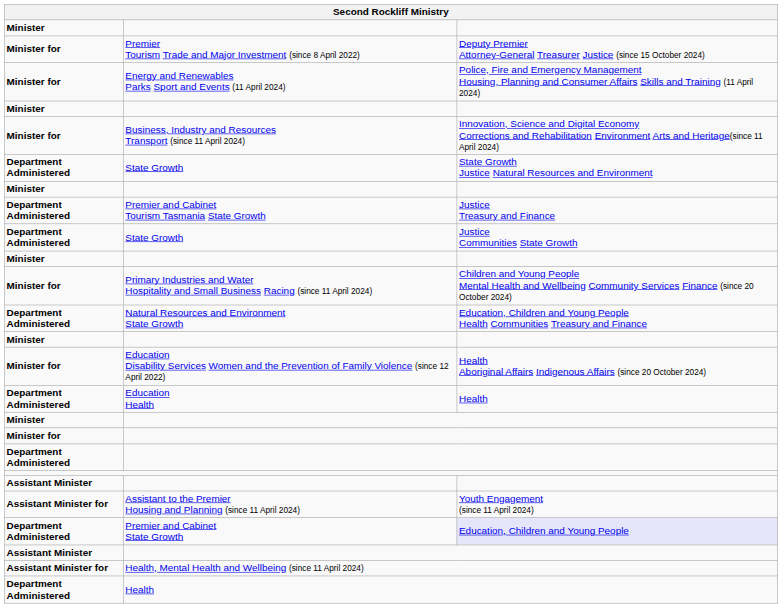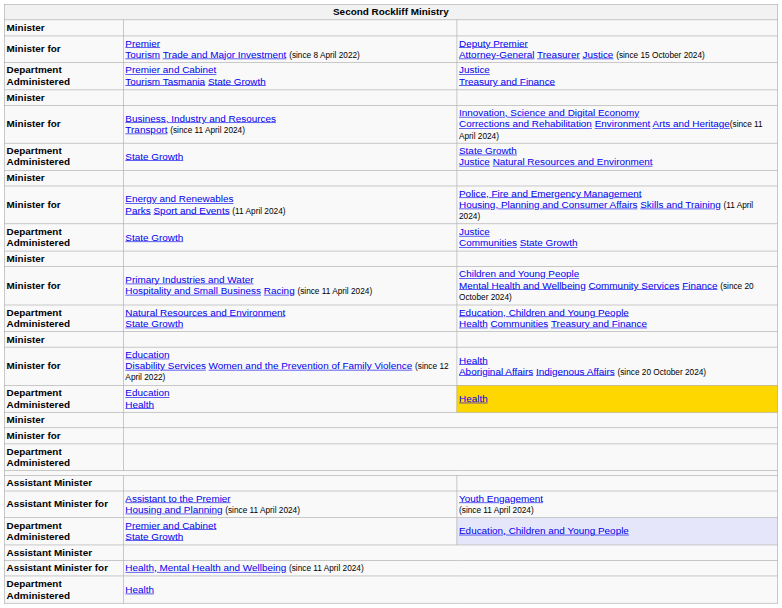 <table class="wikitable">
 <tr>
 <th colspan="3">Second Rockliff Ministry</th>
 </tr>
 <tr>
 <td><strong>Minister</strong></td>
 <td></td>
 <td></td>
 </tr>
 <tr>
 <td><strong>Minister for</strong></td>
 <td><a href='#'>Premier</a><br><a href='#'>Tourism</a>  <a href='#'>Trade and Major Investment</a> <small>(since 8 April 2022)</small></td>
 <td><a href='#'>Deputy Premier</a><br><a href='#'>Attorney-General</a> <a href='#'>Treasurer</a> <a href='#'>Justice</a> <small>(since 15 October 2024)</small></td>
 </tr>
 <tr>
-<td><strong>Minister for</strong></td>
-<td><a href='#'>Energy and Renewables</a><br><a href='#'>Parks</a> <a href='#'>Sport and Events</a> <small>(11 April 2024)</small></td>
-<td><a href='#'>Police, Fire and Emergency Management</a><br><a href='#'>Housing, Planning and Consumer Affairs</a> <a href='#'>Skills and Training</a> <small>(11 April 2024)</small></td>
+<td><strong>Department</strong><br><strong>Administered</strong></td>
+<td><a href='#'>Premier and Cabinet</a><br><a href='#'>Tourism Tasmania</a> <a href='#'>State Growth</a></td>
+<td><a href='#'>Justice</a><br><a href='#'>Treasury and Finance</a></td>
 </tr>
 <tr>
 <td><strong>Minister</strong></td>
 <td></td>
 <td></td>
 </tr>
 <tr>
 <td><strong>Minister for</strong></td>
 <td><a href='#'>Business, Industry and Resources</a><br><a href='#'>Transport</a>            <small>(since 11 April 2024)</small></td>
 <td><a href='#'>Innovation, Science and Digital Economy</a><br><a href='#'>Corrections and Rehabilitation</a> <a href='#'>Environment</a> <a href='#'>Arts and Heritage</a><small>(since 11 April 2024)</small></td>
 </tr>
 <tr>
 <td><strong>Department</strong><br><strong>Administered</strong></td>
 <td><a href='#'>State Growth</a></td>
 <td><a href='#'>State Growth</a><br><a href='#'>Justice</a> <a href='#'>Natural Resources and Environment</a></td>
 </tr>
 <tr>
 <td><strong>Minister</strong></td>
 <td></td>
 <td></td>
 </tr>
 <tr>
-<td><strong>Department</strong><br><strong>Administered</strong></td>
-<td><a href='#'>Premier and Cabinet</a><br><a href='#'>Tourism Tasmania</a> <a href='#'>State Growth</a></td>
-<td><a href='#'>Justice</a><br><a href='#'>Treasury and Finance</a></td>
+<td><strong>Minister for</strong></td>
+<td><a href='#'>Energy and Renewables</a><br><a href='#'>Parks</a> <a href='#'>Sport and Events</a> <small>(11 April 2024)</small></td>
+<td><a href='#'>Police, Fire and Emergency Management</a><br><a href='#'>Housing, Planning and Consumer Affairs</a> <a href='#'>Skills and Training</a> <small>(11 April 2024)</small></td>
 </tr>
 <tr>
 <td><strong>Department</strong><br><strong>Administered</strong></td>
 <td><a href='#'>State Growth</a></td>
 <td><a href='#'>Justice</a><br><a href='#'>Communities</a> <a href='#'>State Growth</a></td>
 </tr>
 <tr>
 <td><strong>Minister</strong></td>
 <td></td>
 <td></td>
 </tr>
 <tr>
 <td><strong>Minister for</strong></td>
 <td><a href='#'>Primary Industries and Water</a><br><a href='#'>Hospitality and Small Business</a> <a href='#'>Racing</a>       <small>(since 11 April 2024)</small></td>
 <td><a href='#'>Children and Young People</a><br><a href='#'>Mental Health and Wellbeing</a> <a href='#'>Community Services</a> <a href='#'>Finance</a>  <small>(since 20 October 2024)</small></td>
 </tr>
 <tr>
 <td><strong>Department</strong><br><strong>Administered</strong></td>
 <td><a href='#'>Natural Resources and Environment</a><br><a href='#'>State Growth</a></td>
 <td><a href='#'>Education, Children and Young People</a><br><a href='#'>Health</a> <a href='#'>Communities</a> <a href='#'>Treasury and Finance</a></td>
 </tr>
 <tr>
 <td><strong>Minister</strong></td>
 <td></td>
 <td></td>
 </tr>
 <tr>
 <td><strong>Minister for</strong></td>
 <td><a href='#'>Education</a><br><a href='#'>Disability Services</a> <a href='#'>Women and the Prevention of Family Violence</a> <small>(since 12 April 2022)</small></td>
 <td><a href='#'>Health</a><br><a href='#'>Aboriginal Affairs</a> <a href='#'>Indigenous Affairs</a> <small>(since 20 October 2024)</small></td>
 </tr>
 <tr>
 <td><strong>Department</strong><br><strong>Administered</strong></td>
 <td><a href='#'>Education</a><br><a href='#'>Health</a></td>
-<td><a href='#'>Health</a></td>
+<td style="background: gold;"><a href='#'>Health</a></td>
 </tr>
 <tr>
 <td><strong>Minister</strong></td>
 <td colspan="2"></td>
 </tr>
 <tr>
 <td><strong>Minister for</strong></td>
 <td colspan="2"></td>
 </tr>
 <tr>
 <td><strong>Department</strong><br><strong>Administered</strong></td>
 <td colspan="2"></td>
 </tr>
 <tr>
 <td colspan="3"></td>
 </tr>
 <tr>
 <td><strong>Assistant Minister</strong></td>
 <td></td>
 <td></td>
 </tr>
 <tr>
 <td><strong>Assistant Minister for</strong></td>
 <td><a href='#'>Assistant to the Premier</a><br><a href='#'>Housing and Planning</a>  <small>(since 11 April 2024)</small></td>
 <td><a href='#'>Youth Engagement</a><br><small>(since 11 April 2024)</small></td>
 </tr>
 <tr>
 <td><strong>Department</strong><br><strong>Administered</strong></td>
 <td><a href='#'>Premier and Cabinet</a><br><a href='#'>State Growth</a></td>
 <td style="background: lavender;"><a href='#'>Education, Children and Young People</a></td>
 </tr>
 <tr>
 <td><strong>Assistant Minister</strong></td>
 <td colspan="2"></td>
 </tr>
 <tr>
 <td><strong>Assistant Minister for</strong></td>
 <td colspan="2"><a href='#'>Health, Mental Health and Wellbeing</a> <small>(since 11 April 2024)</small></td>
 </tr>
 <tr>
 <td><strong>Department Administered</strong></td>
 <td colspan="2"><a href='#'>Health</a></td>
 </tr>
 </table>
